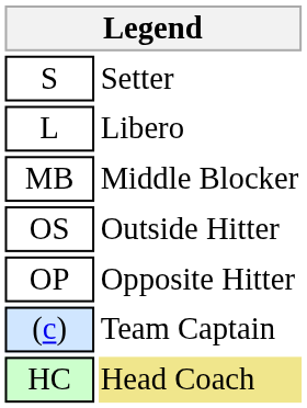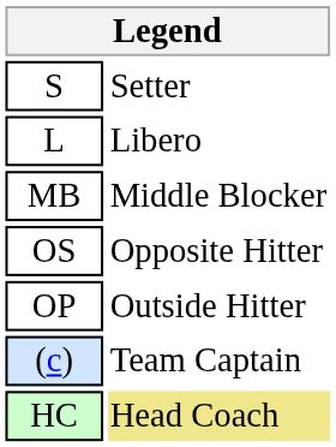 <table class="toccolours" style="margin-left: 50px; font-size: 90%; white-space: nowrap; valign: middle;">
 <tr>
 <th colspan="6" style="background-color: #F2F2F2; border: 1px solid #AAAAAA;">Legend</th>
 </tr>
 <tr>
 <td style="border: 1px solid black;" align=center>  S  </td>
 <td>Setter</td>
 </tr>
 <tr>
 <td style="border: 1px solid black;" align=center>  L  </td>
 <td>Libero</td>
 </tr>
 <tr>
 <td style="border: 1px solid black;" align=center>  MB  </td>
 <td>Middle Blocker</td>
 </tr>
 <tr>
 <td style="border: 1px solid black;" align=center>  OS  </td>
-<td>Outside Hitter</td>
+<td>Opposite Hitter</td>
 </tr>
 <tr>
 <td style="border: 1px solid black;" align=center>  OP  </td>
-<td>Opposite Hitter</td>
+<td>Outside Hitter</td>
 </tr>
 <tr>
 <td style="background: #D0E6FF; border: 1px solid black" align=center> (<a href='#'>c</a>) </td>
 <td>Team Captain</td>
 </tr>
 <tr>
 <td style="background: #ccffcc; border: 1px solid black" align=center> HC </td>
 <td style="background: khaki;">Head Coach</td>
 </tr>
 <tr>
 </tr>
 </table>
